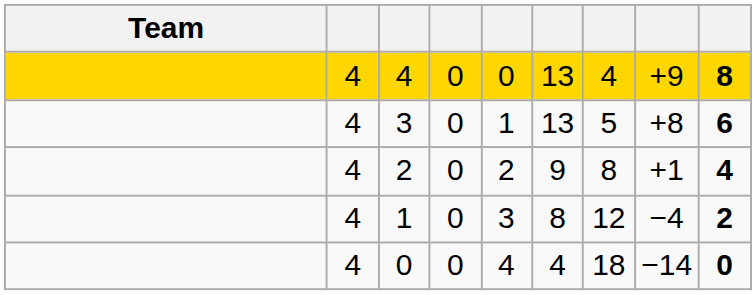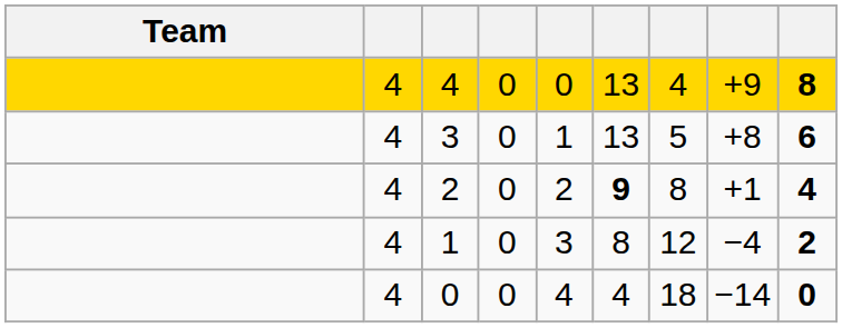 <table class="wikitable" style="text-align:center">
 <tr>
 <th width="165">Team</th>
 <th width="20"></th>
 <th width="20"></th>
 <th width="20"></th>
 <th width="20"></th>
 <th width="20"></th>
 <th width="20"></th>
 <th width="20"></th>
 <th width="20"></th>
 </tr>
 <tr bgcolor="gold" align="center">
 <td align="left"></td>
 <td>4</td>
 <td>4</td>
 <td>0</td>
 <td>0</td>
 <td>13</td>
 <td>4</td>
 <td>+9</td>
 <td><strong>8</strong></td>
 </tr>
 <tr align="center">
 <td align="left"></td>
 <td>4</td>
 <td>3</td>
 <td>0</td>
 <td>1</td>
 <td>13</td>
 <td>5</td>
 <td>+8</td>
 <td><strong>6</strong></td>
 </tr>
 <tr align="center">
 <td align="left"></td>
 <td>4</td>
 <td>2</td>
 <td>0</td>
 <td>2</td>
-<td>9</td>
+<td><strong>9</strong></td>
 <td>8</td>
 <td>+1</td>
 <td><strong>4</strong></td>
 </tr>
 <tr align="center">
 <td align="left"></td>
 <td>4</td>
 <td>1</td>
 <td>0</td>
 <td>3</td>
 <td>8</td>
 <td>12</td>
 <td>−4</td>
 <td><strong>2</strong></td>
 </tr>
 <tr align="center">
 <td align="left"></td>
 <td>4</td>
 <td>0</td>
 <td>0</td>
 <td>4</td>
 <td>4</td>
 <td>18</td>
 <td>−14</td>
 <td><strong>0</strong></td>
 </tr>
 </table>
